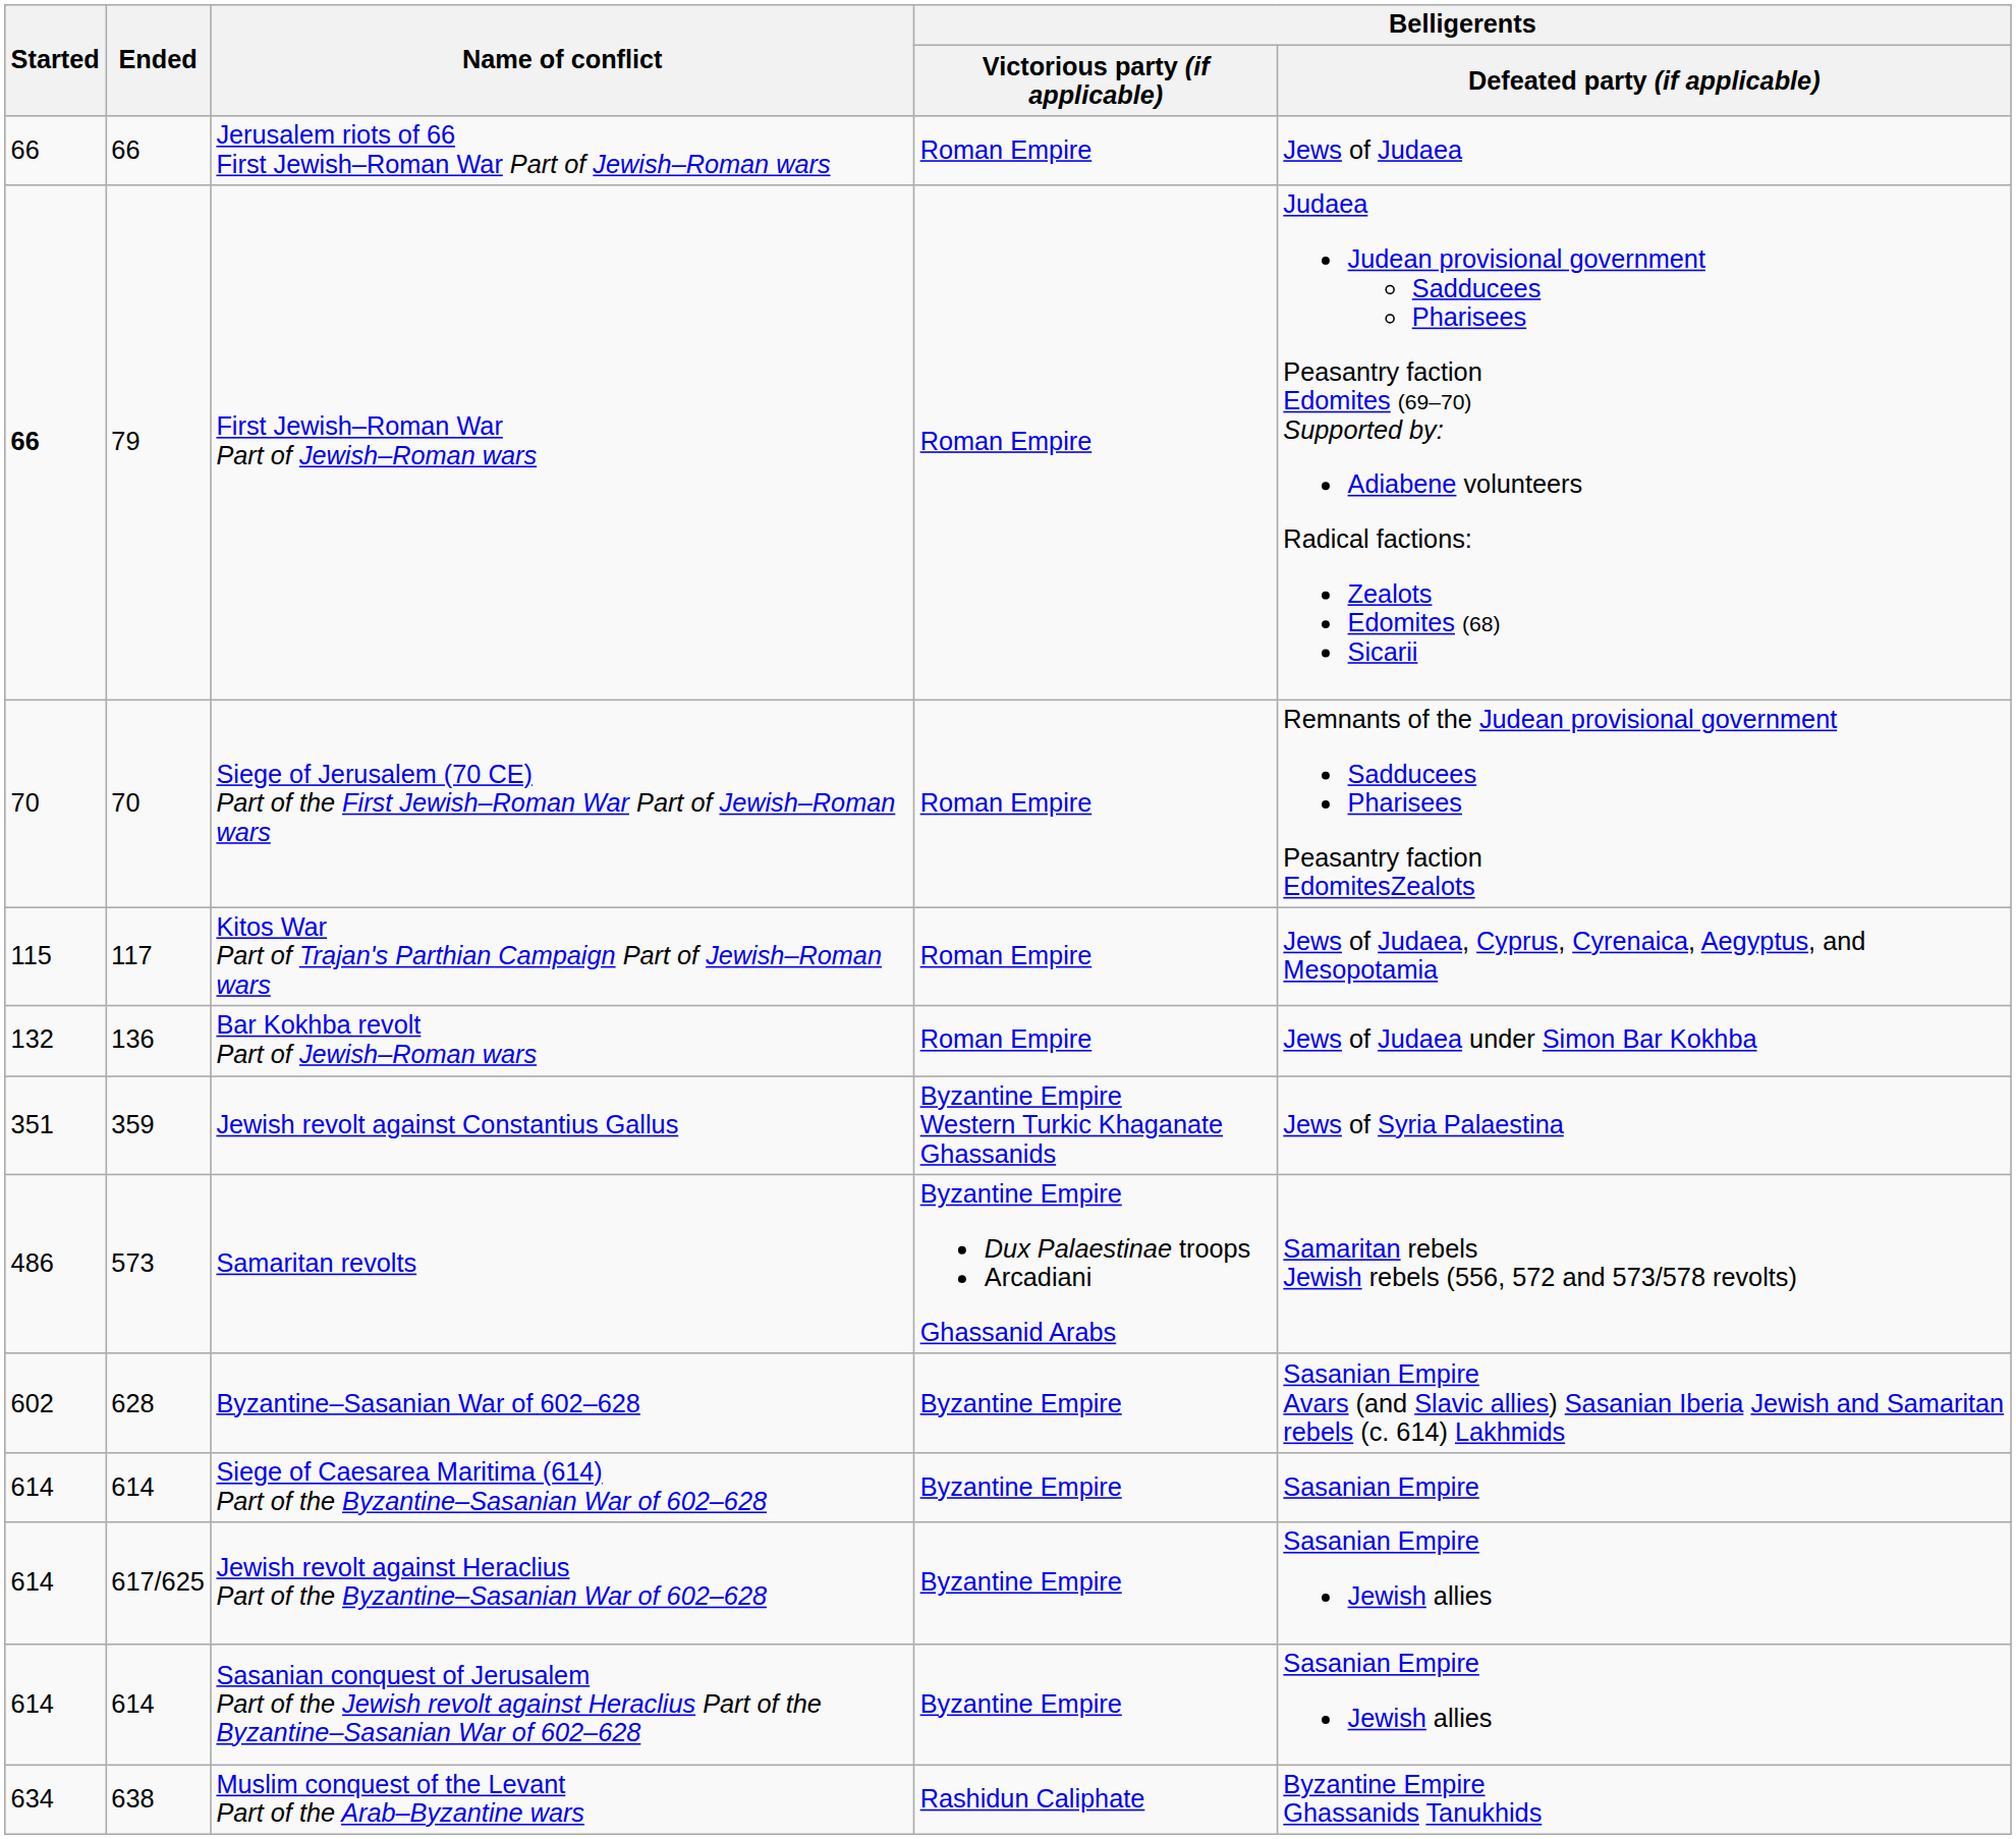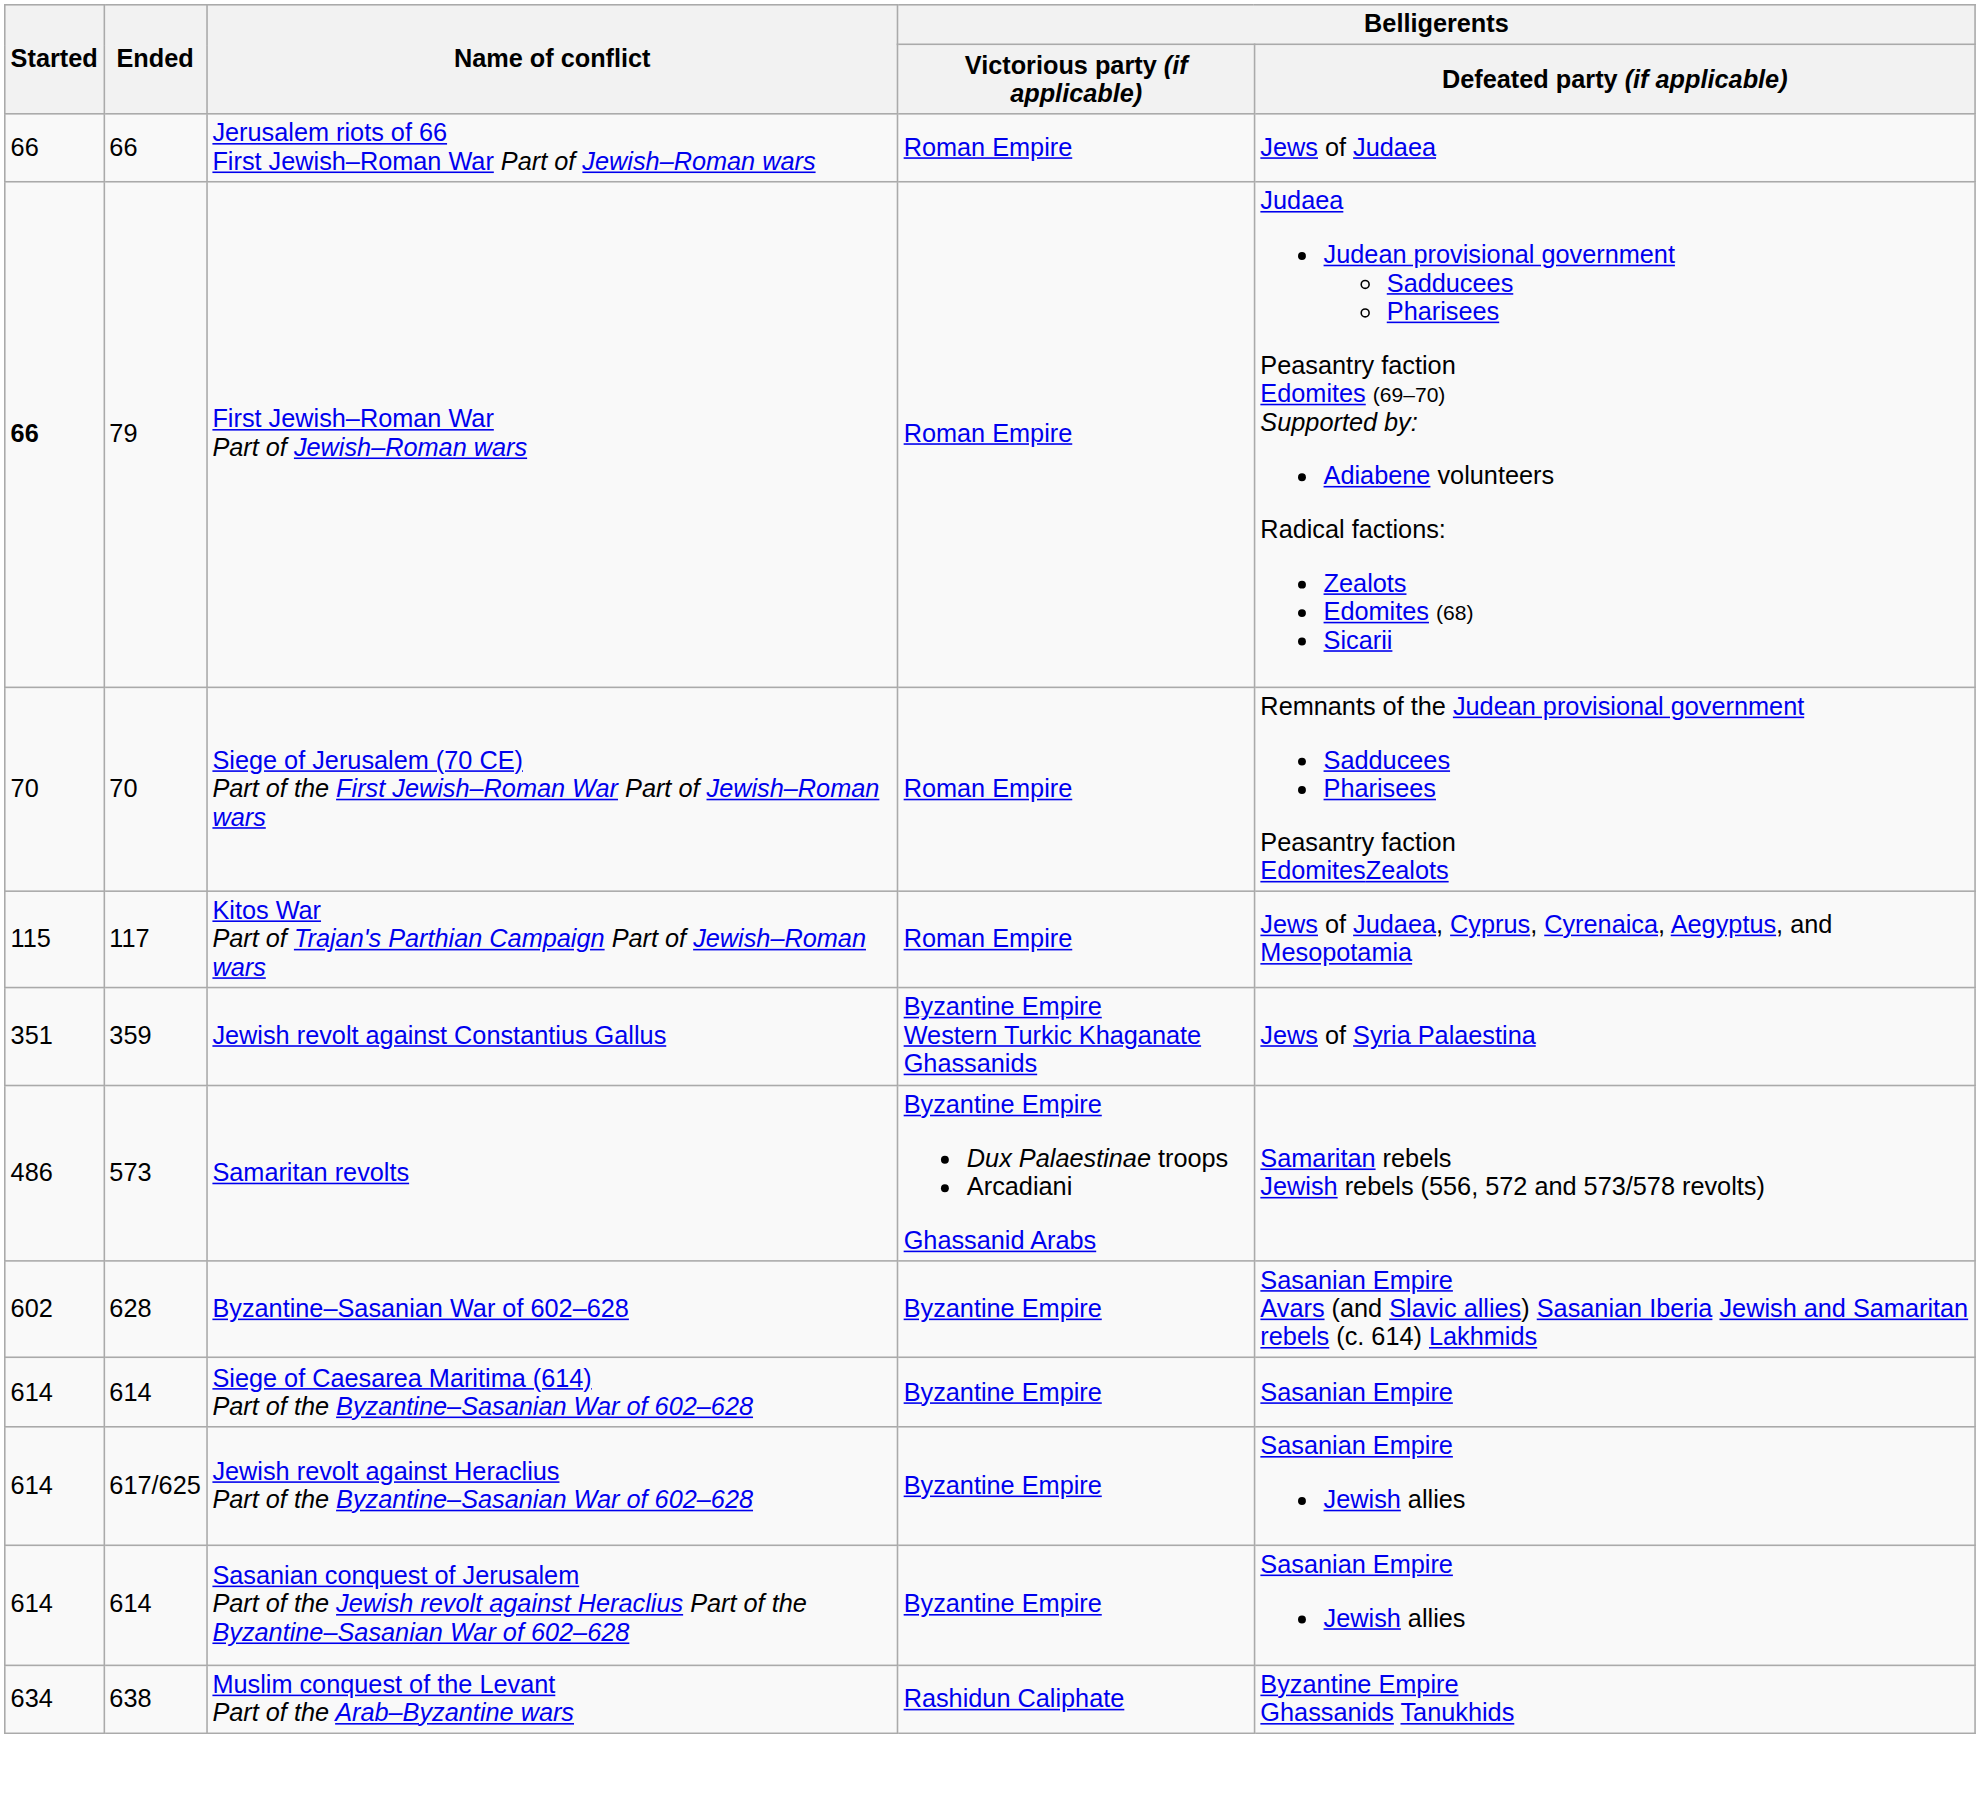 <table class="wikitable">
 <tr>
 <th rowspan="2">Started</th>
 <th rowspan="2">Ended</th>
 <th rowspan="2">Name of conflict</th>
 <th colspan="2">Belligerents</th>
 </tr>
 <tr>
 <th>Victorious party <em>(if applicable)</em></th>
 <th>Defeated party <em>(if applicable)</em></th>
 </tr>
 <tr>
 <td>66</td>
 <td>66</td>
 <td><a href='#'>Jerusalem riots of 66</a><br><a href='#'>First Jewish–Roman War</a> <em>Part of <a href='#'>Jewish–Roman wars</a></em></td>
 <td> <a href='#'>Roman Empire</a></td>
 <td><a href='#'>Jews</a> of <a href='#'>Judaea</a></td>
 </tr>
 <tr>
 <td><strong>66</strong></td>
 <td>79</td>
 <td><a href='#'>First Jewish–Roman War</a><br><em>Part of <a href='#'>Jewish–Roman wars</a></em></td>
 <td> <a href='#'>Roman Empire</a></td>
 <td><a href='#'>Judaea</a><br><ul><li><a href='#'>Judean provisional government</a><ul><li><a href='#'>Sadducees</a></li><li><a href='#'>Pharisees</a></li></ul></li></ul>Peasantry faction<br><a href='#'>Edomites</a> <small>(69–70)</small><br><em>Supported by:</em><ul><li><a href='#'>Adiabene</a> volunteers</li></ul>Radical factions:<ul><li><a href='#'>Zealots</a></li><li><a href='#'>Edomites</a> <small>(68)</small></li><li><a href='#'>Sicarii</a></li></ul></td>
 </tr>
 <tr>
 <td>70</td>
 <td>70</td>
 <td><a href='#'>Siege of Jerusalem (70 CE)</a><br><em>Part of the <a href='#'>First Jewish–Roman War</a></em> <em>Part of <a href='#'>Jewish–Roman wars</a></em></td>
 <td> <a href='#'>Roman Empire</a></td>
 <td>Remnants of the <a href='#'>Judean provisional government</a><br><ul><li><a href='#'>Sadducees</a></li><li><a href='#'>Pharisees</a></li></ul>Peasantry faction<br><a href='#'>Edomites</a><a href='#'>Zealots</a></td>
 </tr>
 <tr>
 <td>115</td>
 <td>117</td>
 <td><a href='#'>Kitos War</a><br><em>Part of <a href='#'>Trajan's Parthian Campaign</a></em> <em>Part of <a href='#'>Jewish–Roman wars</a></em></td>
 <td> <a href='#'>Roman Empire</a></td>
 <td><a href='#'>Jews</a> of <a href='#'>Judaea</a>, <a href='#'>Cyprus</a>, <a href='#'>Cyrenaica</a>, <a href='#'>Aegyptus</a>, and <a href='#'>Mesopotamia</a></td>
-</tr>
-<tr>
-<td>132</td>
-<td>136</td>
-<td><a href='#'>Bar Kokhba revolt</a><br><em>Part of <a href='#'>Jewish–Roman wars</a></em></td>
-<td> <a href='#'>Roman Empire</a></td>
-<td><a href='#'>Jews</a> of <a href='#'>Judaea</a> under <a href='#'>Simon Bar Kokhba</a></td>
 </tr>
 <tr>
 <td>351</td>
 <td>359</td>
 <td><a href='#'>Jewish revolt against Constantius Gallus</a></td>
 <td><a href='#'>Byzantine Empire</a><br><a href='#'>Western Turkic Khaganate</a> <a href='#'>Ghassanids</a></td>
 <td><a href='#'>Jews</a> of <a href='#'>Syria Palaestina</a></td>
 </tr>
 <tr>
 <td>486</td>
 <td>573</td>
 <td><a href='#'>Samaritan revolts</a></td>
 <td> <a href='#'>Byzantine Empire</a><br><ul><li><em>Dux Palaestinae</em> troops</li><li>Arcadiani</li></ul><a href='#'>Ghassanid Arabs</a></td>
 <td><a href='#'>Samaritan</a> rebels<br><a href='#'>Jewish</a> rebels (556, 572 and 573/578 revolts)</td>
 </tr>
 <tr>
 <td>602</td>
 <td>628</td>
 <td><a href='#'>Byzantine–Sasanian War of 602–628</a></td>
 <td> <a href='#'>Byzantine Empire</a></td>
 <td><a href='#'>Sasanian Empire</a><br><a href='#'>Avars</a> (and <a href='#'>Slavic allies</a>) <a href='#'>Sasanian Iberia</a> <a href='#'>Jewish and Samaritan rebels</a> (c. 614) <a href='#'>Lakhmids</a></td>
 </tr>
 <tr>
 <td>614</td>
 <td>614</td>
 <td><a href='#'>Siege of Caesarea Maritima (614)</a><br><em>Part of the <a href='#'>Byzantine–Sasanian War of 602–628</a></em></td>
 <td> <a href='#'>Byzantine Empire</a></td>
 <td> <a href='#'>Sasanian Empire</a></td>
 </tr>
 <tr>
 <td>614</td>
 <td>617/625</td>
 <td><a href='#'>Jewish revolt against Heraclius</a><br><em>Part of the <a href='#'>Byzantine–Sasanian War of 602–628</a></em></td>
 <td> <a href='#'>Byzantine Empire</a></td>
 <td> <a href='#'>Sasanian Empire</a><br><ul><li><a href='#'>Jewish</a> allies</li></ul></td>
 </tr>
 <tr>
 <td>614</td>
 <td>614</td>
 <td><a href='#'>Sasanian conquest of Jerusalem</a><br><em>Part of the <a href='#'>Jewish revolt against Heraclius</a></em> <em>Part of the <a href='#'>Byzantine–Sasanian War of 602–628</a></em></td>
 <td> <a href='#'>Byzantine Empire</a></td>
 <td> <a href='#'>Sasanian Empire</a><br><ul><li><a href='#'>Jewish</a> allies</li></ul></td>
 </tr>
 <tr>
 <td>634</td>
 <td>638</td>
 <td><a href='#'>Muslim conquest of the Levant</a><br><em>Part of the <a href='#'>Arab–Byzantine wars</a></em></td>
 <td><a href='#'>Rashidun Caliphate</a></td>
 <td> <a href='#'>Byzantine Empire</a><br><a href='#'>Ghassanids</a> <a href='#'>Tanukhids</a></td>
 </tr>
 </table>
